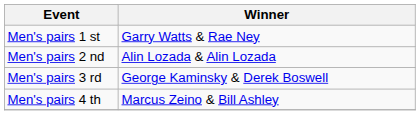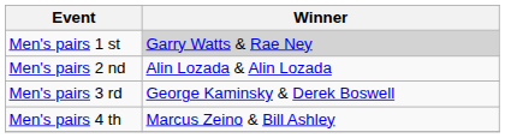 <table class="wikitable" style="font-size: 100%">
 <tr>
 <th width=130>Event</th>
 <th width=350>Winner</th>
 </tr>
 <tr>
 <td><a href='#'>Men's pairs</a>   1 st</td>
-<td> <a href='#'>Garry Watts</a> &  <a href='#'>Rae Ney</a></td>
+<td style="background: lightgrey;"> <a href='#'>Garry Watts</a> &  <a href='#'>Rae Ney</a></td>
 </tr>
 <tr>
 <td><a href='#'>Men's pairs</a>   2 nd</td>
 <td> <a href='#'>Alin Lozada</a> &  <a href='#'>Alin Lozada</a></td>
 </tr>
 <tr>
 <td><a href='#'>Men's pairs</a>   3 rd</td>
 <td> <a href='#'>George Kaminsky</a> &  <a href='#'>Derek Boswell</a></td>
 </tr>
 <tr>
 <td><a href='#'>Men's pairs</a>   4 th</td>
 <td> <a href='#'>Marcus Zeino</a> &  <a href='#'>Bill Ashley</a></td>
 </tr>
 <tr>
 </tr>
 </table>
